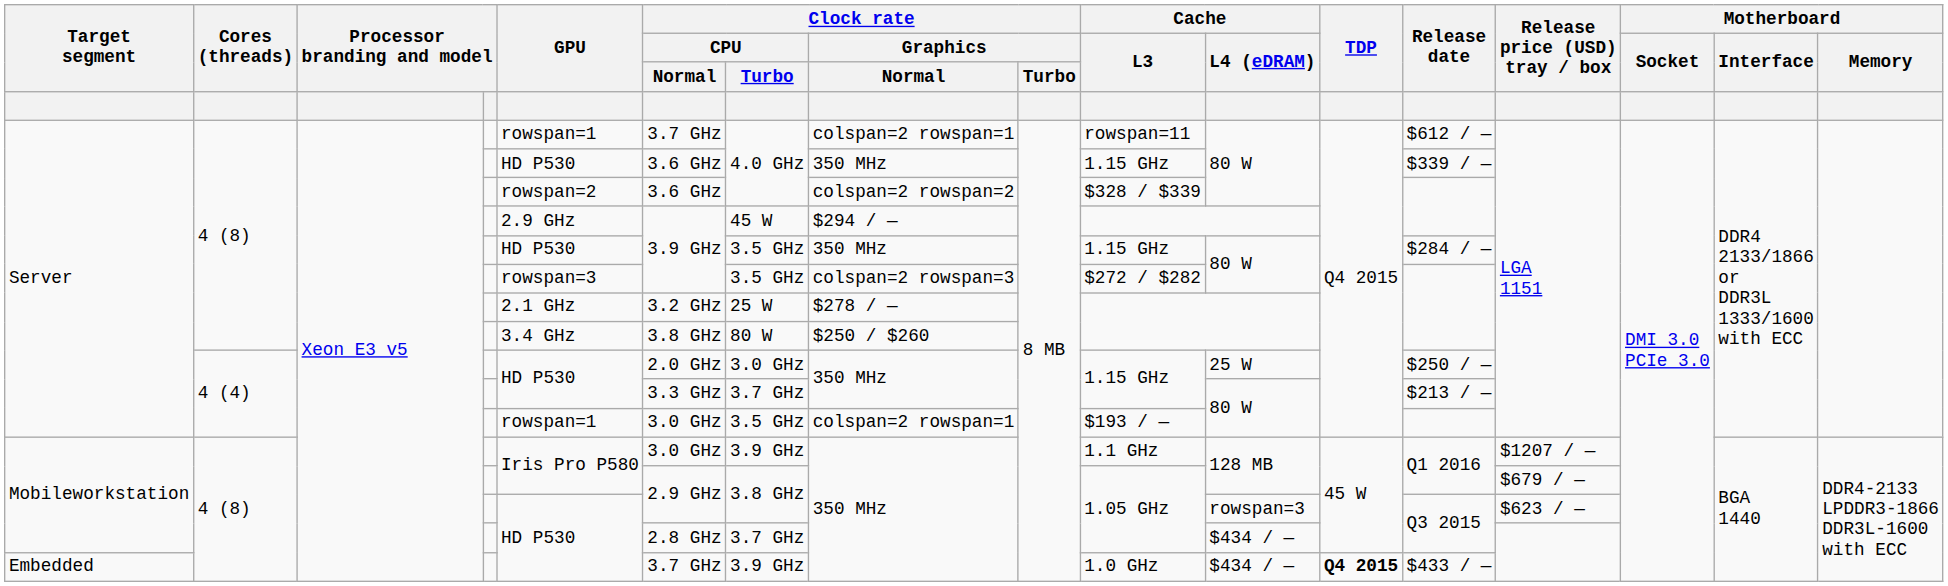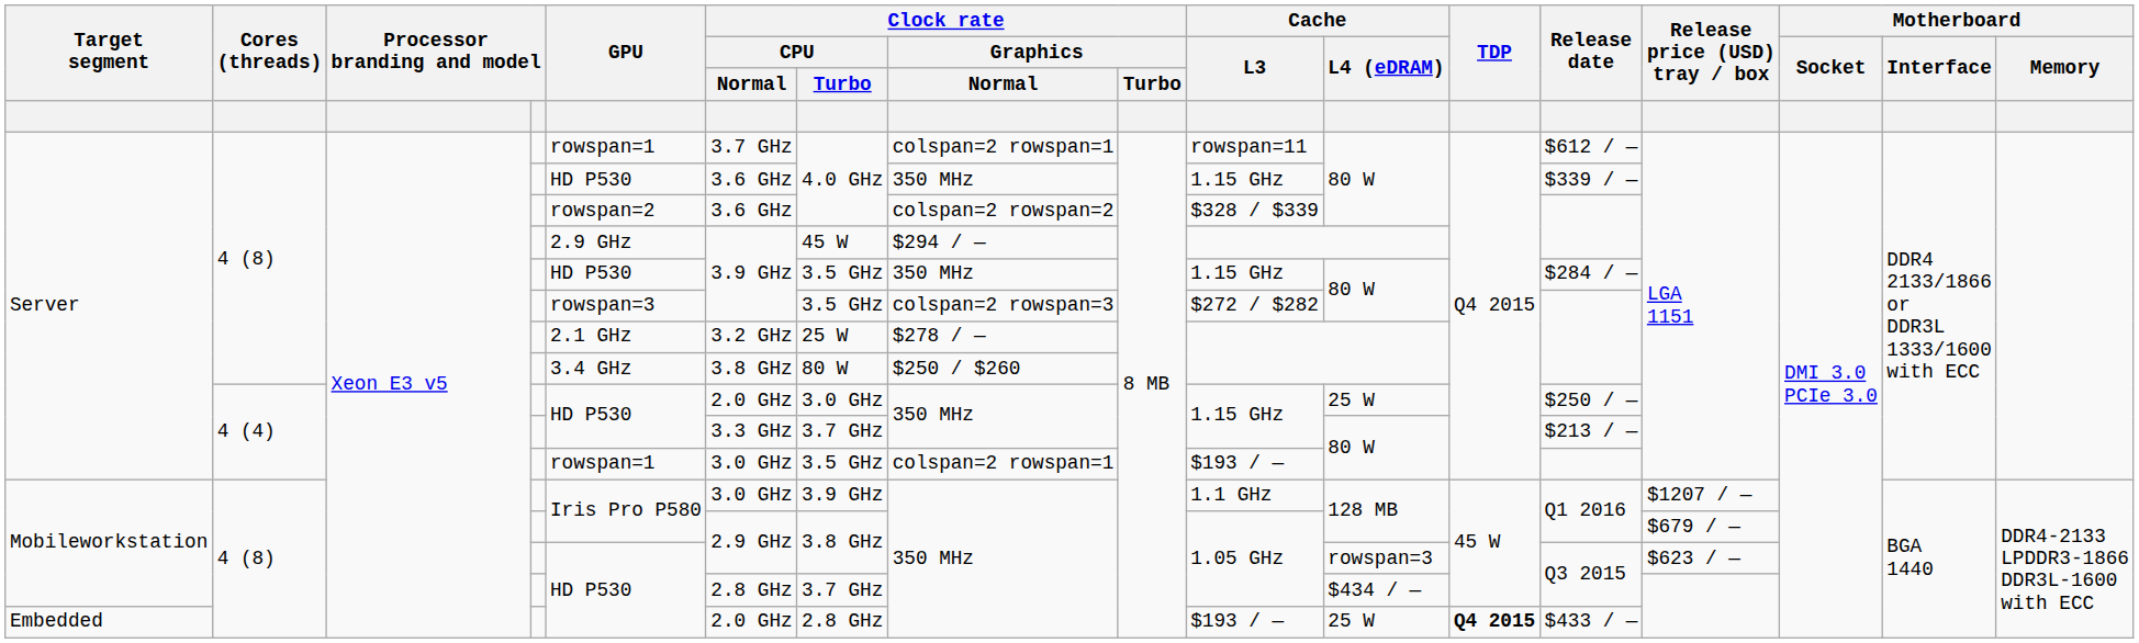 <table class="wikitable sortable mw-datatable">
 <tr>
 <th rowspan=3>Target<br>segment</th>
 <th rowspan=3>Cores<br>(threads)</th>
 <th colspan=2 rowspan=3>Processor<br>branding and model</th>
 <th rowspan=3>GPU</th>
 <th colspan=4><a href='#'>Clock rate</a></th>
 <th colspan="2" data-sort-type="number">Cache</th>
 <th rowspan=3 data-sort-type=number><a href='#'>TDP</a></th>
 <th rowspan=3 class=unsortable>Release<br>date</th>
 <th rowspan=3>Release<br>price (USD)<br>tray / box</th>
 <th colspan=3>Motherboard</th>
 </tr>
 <tr>
 <th colspan=2>CPU</th>
 <th colspan=2>Graphics</th>
 <th rowspan="2">L3</th>
 <th rowspan="2">L4 (<a href='#'>eDRAM</a>)</th>
 <th rowspan="2">Socket</th>
 <th rowspan=2>Interface</th>
 <th rowspan=2>Memory</th>
 </tr>
 <tr>
 <th>Normal</th>
 <th data-sort-type=number><a href='#'>Turbo</a></th>
 <th>Normal</th>
 <th data-sort-type=number>Turbo</th>
 </tr>
 <tr>
 <th style="background-position:center"><br></th>
 <th style="background-position:center"></th>
 <th style="background-position:center"></th>
 <th style="background-position:center"></th>
 <th style="background-position:center"></th>
 <th style="background-position:center"></th>
 <th style="background-position:center"></th>
 <th style="background-position:center"></th>
 <th style="background-position:center"></th>
 <th style="background-position:center"></th>
 <th style="background-position:center"></th>
 <th style="background-position:center"></th>
 <th style="background-position:center"></th>
 <th style="background-position:center"></th>
 <th style="background-position:center"></th>
 <th style="background-position:center"></th>
 <th style="background-position:center"></th>
 </tr>
 <tr>
 <td rowspan=11>Server</td>
 <td rowspan=8>4 (8)</td>
 <td rowspan=16><a href='#'>Xeon&nbsp;E3&nbsp;v5</a></td>
 <td><strong></strong></td>
 <td>rowspan=1  </td>
 <td>3.7 GHz</td>
 <td rowspan=3>4.0 GHz</td>
 <td>colspan=2 rowspan=1  </td>
 <td rowspan=16>8 MB</td>
 <td>rowspan=11  </td>
 <td rowspan=3>80 W</td>
 <td rowspan=11>Q4 2015</td>
 <td>$612 / —</td>
 <td rowspan=11><a href='#'>LGA<br>1151</a></td>
 <td rowspan=16><a href='#'>DMI 3.0</a><br><a href='#'>PCIe 3.0</a></td>
 <td rowspan=11><br>DDR4 <br>2133/1866 <br>or<br>DDR3L <br>1333/1600<br>with ECC</td>
 </tr>
 <tr>
 <td><strong></strong></td>
 <td>HD P530</td>
 <td>3.6 GHz</td>
 <td>350 MHz</td>
 <td>1.15 GHz</td>
 <td>$339 / —</td>
 </tr>
 <tr>
 <td><strong></strong></td>
 <td>rowspan=2  </td>
 <td>3.6 GHz</td>
 <td>colspan=2 rowspan=2 </td>
 <td>$328 / $339</td>
 </tr>
 <tr>
 <td><strong></strong></td>
 <td>2.9 GHz</td>
 <td rowspan=3>3.9 GHz</td>
 <td>45 W</td>
 <td>$294 / —</td>
 </tr>
 <tr>
 <td><strong></strong></td>
 <td>HD P530</td>
 <td>3.5 GHz</td>
 <td>350 MHz</td>
 <td>1.15 GHz</td>
 <td rowspan=2>80 W</td>
 <td>$284 / —</td>
 </tr>
 <tr>
 <td><strong></strong></td>
 <td>rowspan=3  </td>
 <td>3.5 GHz</td>
 <td>colspan=2 rowspan=3 </td>
 <td>$272 / $282</td>
 </tr>
 <tr>
 <td><strong></strong></td>
 <td>2.1 GHz</td>
 <td>3.2 GHz</td>
 <td>25 W</td>
 <td>$278 / —</td>
 </tr>
 <tr>
 <td><strong></strong></td>
 <td>3.4 GHz</td>
 <td>3.8 GHz</td>
 <td>80 W</td>
 <td>$250 / $260</td>
 </tr>
 <tr>
 <td rowspan=3>4 (4)</td>
 <td><strong></strong></td>
 <td rowspan=2>HD P530</td>
 <td>2.0 GHz</td>
 <td>3.0 GHz</td>
 <td rowspan=2>350 MHz</td>
 <td rowspan=2>1.15 GHz</td>
 <td>25 W</td>
 <td>$250 / —</td>
 </tr>
 <tr>
 <td><strong></strong></td>
 <td>3.3 GHz</td>
 <td>3.7 GHz</td>
 <td rowspan=2>80 W</td>
 <td>$213 / —</td>
 </tr>
 <tr>
 <td><strong></strong></td>
 <td>rowspan=1  </td>
 <td>3.0 GHz</td>
 <td>3.5 GHz</td>
 <td>colspan=2 rowspan=1 </td>
 <td>$193 / —</td>
 </tr>
 <tr>
 <td rowspan=4>Mobileworkstation</td>
 <td rowspan=5>4 (8)</td>
 <td><strong></strong></td>
 <td rowspan=2>Iris Pro P580</td>
 <td>3.0 GHz</td>
 <td>3.9 GHz</td>
 <td rowspan=5>350 MHz</td>
 <td>1.1 GHz</td>
 <td rowspan=2>128 MB</td>
 <td rowspan=4>45 W</td>
 <td rowspan=2>Q1 2016</td>
 <td>$1207 / —</td>
 <td rowspan=5>BGA<br>1440</td>
 <td rowspan=5><br>DDR4-2133 <br>LPDDR3-1866<br>DDR3L-1600<br>with ECC</td>
 </tr>
 <tr>
 <td><strong></strong></td>
 <td rowspan=2>2.9 GHz</td>
 <td rowspan=2>3.8 GHz</td>
 <td rowspan=3>1.05 GHz</td>
 <td>$679 / —</td>
 </tr>
 <tr>
 <td><strong></strong></td>
 <td rowspan=3>HD P530</td>
 <td>rowspan=3 </td>
 <td rowspan=2>Q3 2015</td>
 <td>$623 / —</td>
 </tr>
 <tr>
 <td><strong></strong></td>
 <td>2.8 GHz</td>
 <td>3.7 GHz</td>
 <td>$434 / —</td>
 </tr>
 <tr>
 <td>Embedded</td>
 <td><strong></strong></td>
-<td>3.7 GHz</td>
-<td>3.9 GHz</td>
-<td>1.0 GHz</td>
-<td>$434 / —</td>
+<td>2.0 GHz</td>
+<td>2.8 GHz</td>
+<td>$193 / —</td>
+<td>25 W</td>
 <td><strong>Q4 2015</strong></td>
 <td>$433 / —</td>
 </tr>
 </table>
